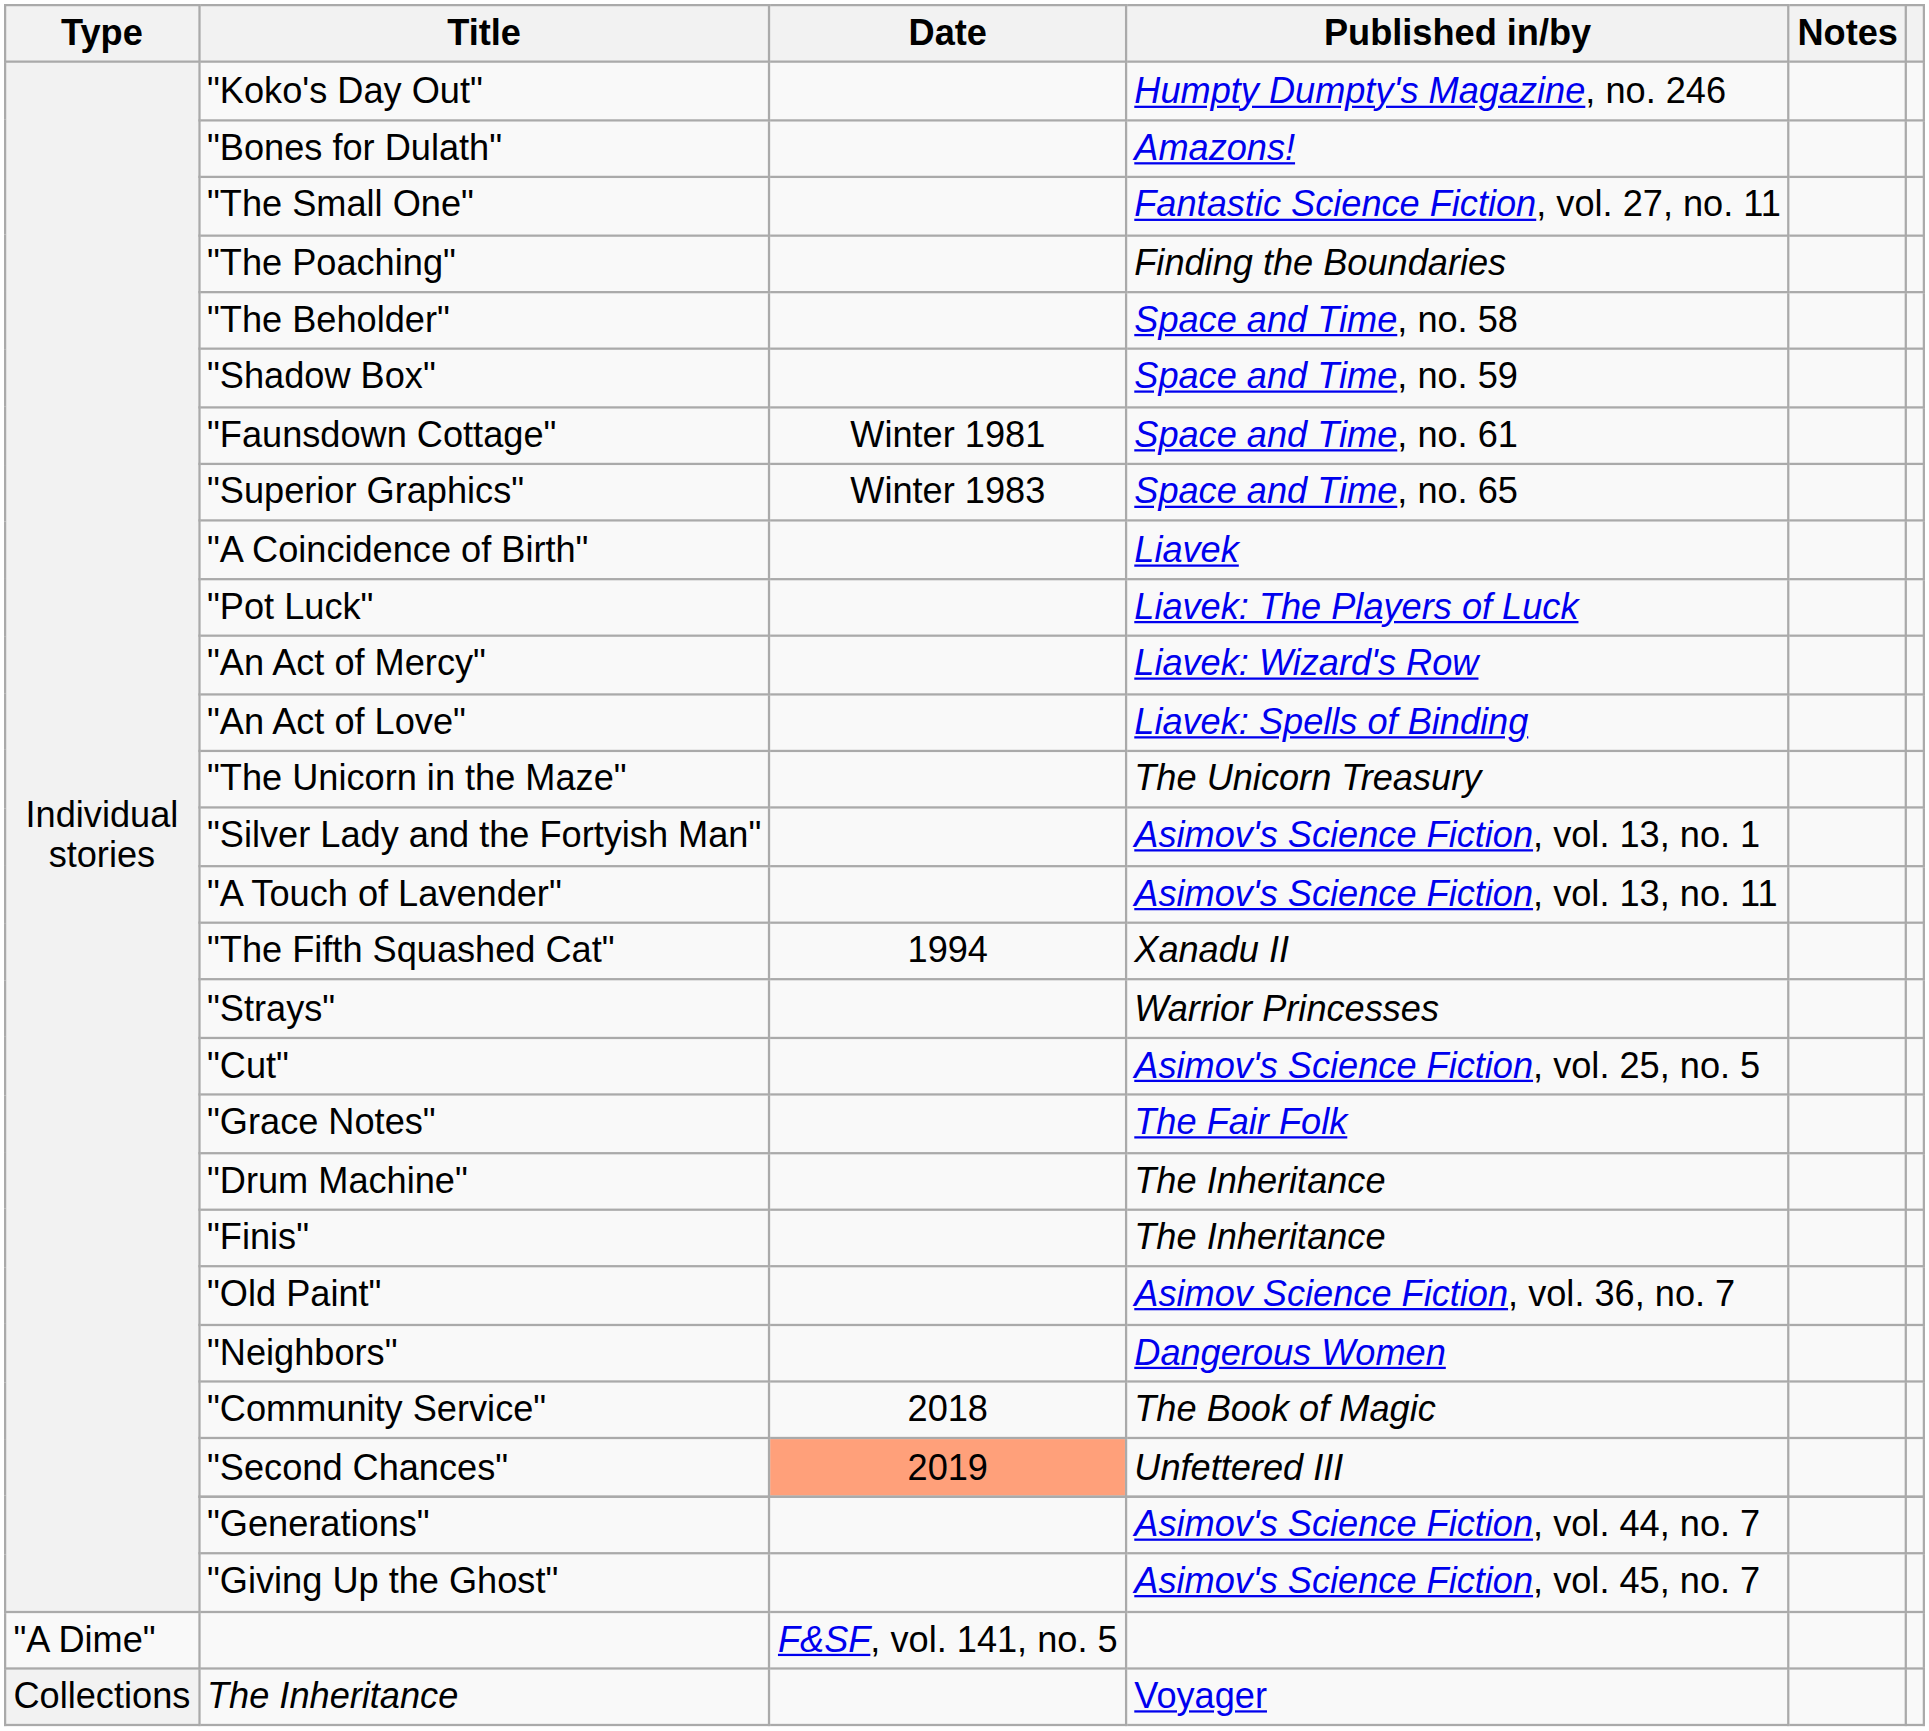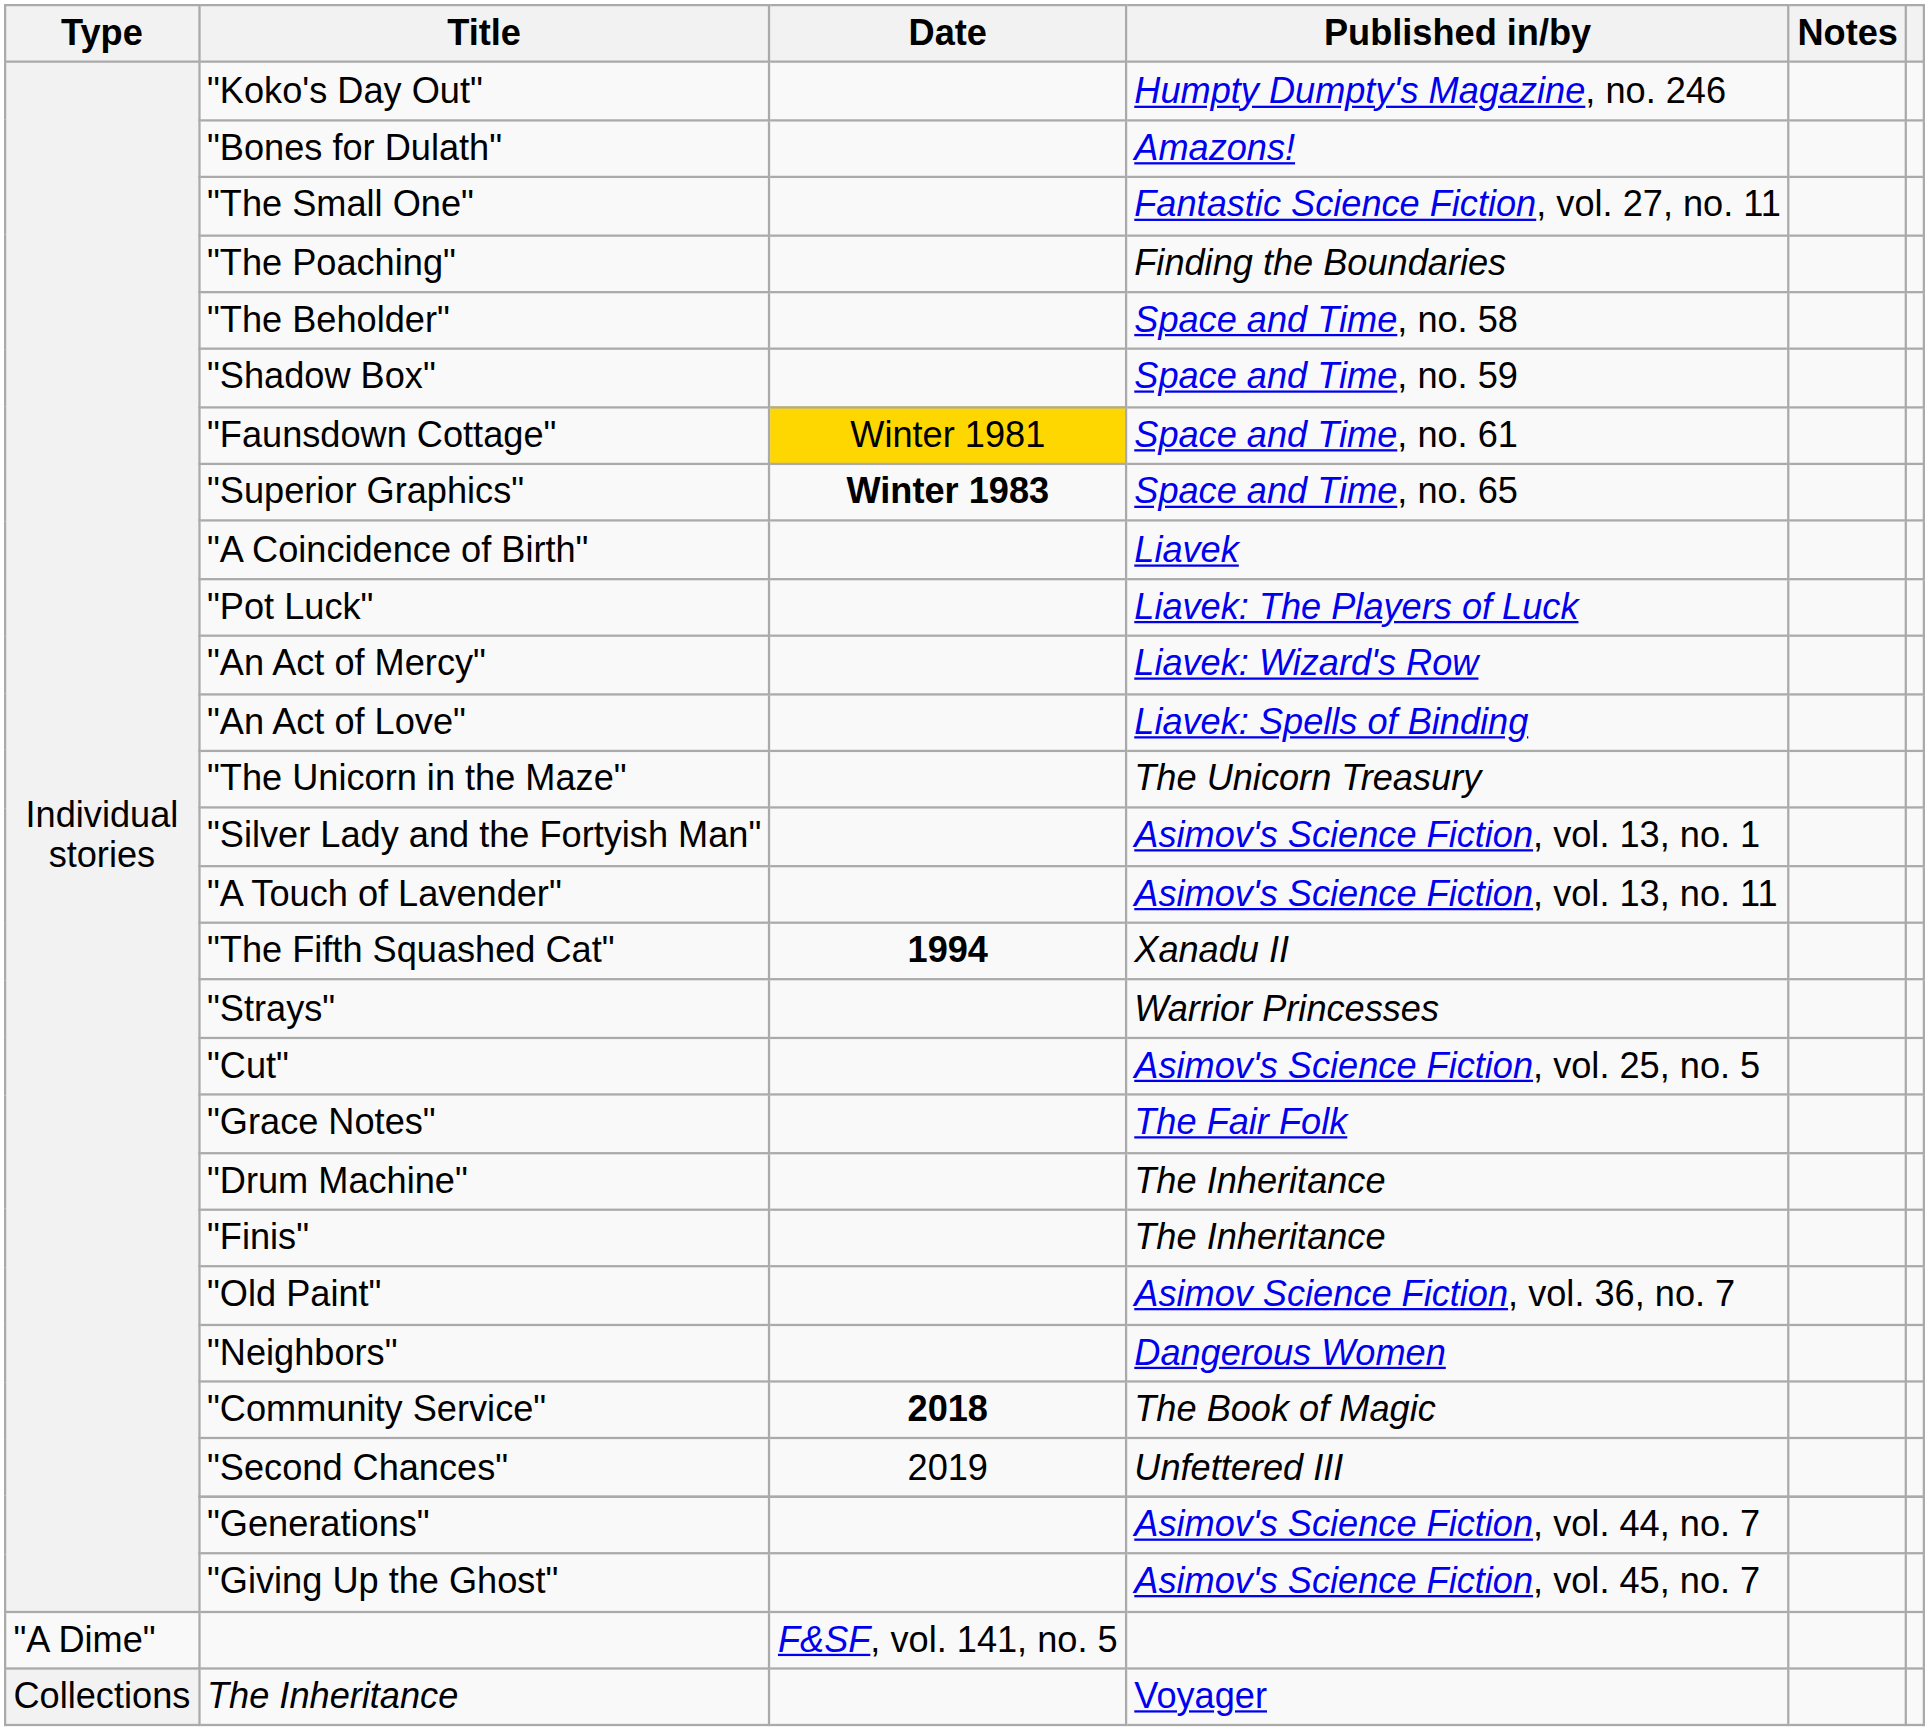 <table class="wikitable sortable">
 <tr>
 <th scope=col>Type</th>
 <th scope=col>Title</th>
 <th scope=col>Date</th>
 <th scope=col>Published in/by</th>
 <th scope=col class=unsortable>Notes</th>
 <th scope=col class=unsortable></th>
 </tr>
 <tr>
 <th scope=row rowspan=28 style="font-weight: normal">Individual<br> stories</th>
 <td data-sort-value="Koko's Day Out">"Koko's Day Out"</td>
 <td align=center></td>
 <td><em><a href='#'>Humpty Dumpty's Magazine</a></em>, no. 246</td>
 <td align=center></td>
 <td align=center></td>
 </tr>
 <tr>
 <td data-sort-value="Bones for Dulath">"Bones for Dulath"</td>
 <td align=center></td>
 <td><em><a href='#'>Amazons!</a></em></td>
 <td align=center></td>
 <td align=center></td>
 </tr>
 <tr>
 <td data-sort-value="Small One, The">"The Small One"</td>
 <td align=center></td>
 <td><em><a href='#'>Fantastic Science Fiction</a></em>, vol. 27, no. 11</td>
 <td></td>
 <td align=center></td>
 </tr>
 <tr>
 <td data-sort-value="Poaching, The">"The Poaching"</td>
 <td align=center></td>
 <td><em>Finding the Boundaries</em></td>
 <td align=center></td>
 <td align=center></td>
 </tr>
 <tr>
 <td data-sort-value="Beholder, The">"The Beholder"</td>
 <td align=center></td>
 <td><em><a href='#'>Space and Time</a></em>, no. 58</td>
 <td></td>
 <td align=center></td>
 </tr>
 <tr>
 <td data-sort-value="Shadow Box, The">"Shadow Box"</td>
 <td align=center></td>
 <td><em><a href='#'>Space and Time</a></em>, no. 59</td>
 <td></td>
 <td align=center></td>
 </tr>
 <tr>
 <td data-sort-value="Faunsdown Cottage, The">"Faunsdown Cottage"</td>
-<td align=center data-sort-type=isoDate data-sort-value="1981-12-01">Winter 1981</td>
+<td align=center data-sort-type=isoDate data-sort-value="1981-12-01" style="background: gold;">Winter 1981</td>
 <td><em><a href='#'>Space and Time</a></em>, no. 61</td>
 <td></td>
 <td align=center></td>
 </tr>
 <tr>
 <td data-sort-value="Superior Graphics, The">"Superior Graphics"</td>
-<td align=center data-sort-type=isoDate data-sort-value="1983-12-01">Winter 1983</td>
+<td align=center data-sort-type=isoDate data-sort-value="1983-12-01"><strong>Winter 1983</strong></td>
 <td><em><a href='#'>Space and Time</a></em>, no. 65</td>
 <td></td>
 <td align=center></td>
 </tr>
 <tr>
 <td data-sort-value="Coincidence of Birth, A">"A Coincidence of Birth"</td>
 <td align=center></td>
 <td><em><a href='#'>Liavek</a></em></td>
 <td align=center></td>
 <td align=center></td>
 </tr>
 <tr>
 <td data-sort-value="Pot Luck">"Pot Luck"</td>
 <td align=center></td>
 <td data-sort-value="Liavek: Players of Luck, The"><em><a href='#'>Liavek: The Players of Luck</a></em></td>
 <td align=center></td>
 <td align=center></td>
 </tr>
 <tr>
 <td data-sort-value="Act of Mercy, An">"An Act of Mercy"</td>
 <td align=center></td>
 <td><em><a href='#'>Liavek: Wizard's Row</a></em></td>
 <td align=center></td>
 <td align=center></td>
 </tr>
 <tr>
 <td data-sort-value="Act of Love, An">"An Act of Love"</td>
 <td align=center></td>
 <td><em><a href='#'>Liavek: Spells of Binding</a></em></td>
 <td align=center></td>
 <td align=center></td>
 </tr>
 <tr>
 <td data-sort-value="Unicorn in the Maze, The">"The Unicorn in the Maze"</td>
 <td align=center></td>
 <td data-sort-value="Unicorn Treasury, The"><em>The Unicorn Treasury</em></td>
 <td align=center></td>
 <td align=center></td>
 </tr>
 <tr>
 <td data-sort-value="Silver Lady and the Fortyish Man">"Silver Lady and the Fortyish Man"</td>
 <td align=center></td>
 <td><em><a href='#'>Asimov's Science Fiction</a></em>, vol. 13, no. 1</td>
 <td align=center></td>
 <td align=center></td>
 </tr>
 <tr>
 <td data-sort-value="Touch of Lavender, A">"A Touch of Lavender"</td>
 <td align=center></td>
 <td><em><a href='#'>Asimov's Science Fiction</a></em>, vol. 13, no. 11</td>
 <td align=center></td>
 <td align=center></td>
 </tr>
 <tr>
 <td data-sort-value="Fifth Squashed Cat, The">"The Fifth Squashed Cat"</td>
-<td align=center>1994</td>
+<td align=center><strong>1994</strong></td>
 <td><em>Xanadu II</em></td>
 <td align=center></td>
 <td align=center></td>
 </tr>
 <tr>
 <td data-sort-value="Strays">"Strays"</td>
 <td align=center></td>
 <td><em>Warrior Princesses</em></td>
 <td align=center></td>
 <td align=center></td>
 </tr>
 <tr>
 <td data-sort-value="Cut">"Cut"</td>
 <td align=center></td>
 <td><em><a href='#'>Asimov's Science Fiction</a></em>, vol. 25, no. 5</td>
 <td align=center></td>
 <td align=center></td>
 </tr>
 <tr>
 <td data-sort-value="Grace Notes">"Grace Notes"</td>
 <td align=center></td>
 <td data-sort-value="Fair Folk, The"><em><a href='#'>The Fair Folk</a></em></td>
 <td align=center></td>
 <td align=center></td>
 </tr>
 <tr>
 <td data-sort-value="Drum Machine">"Drum Machine"</td>
 <td align=center></td>
 <td data-sort-value="Inheritance, The"><em>The Inheritance</em></td>
 <td align=center></td>
 <td align=center></td>
 </tr>
 <tr>
 <td data-sort-value="Finis">"Finis"</td>
 <td align=center></td>
 <td data-sort-value="Inheritance, The"><em>The Inheritance</em></td>
 <td align=center></td>
 <td align=center></td>
 </tr>
 <tr>
 <td data-sort-value="Old Paint">"Old Paint"</td>
 <td align=center></td>
 <td><em><a href='#'>Asimov Science Fiction</a></em>, vol. 36, no. 7</td>
 <td></td>
 <td align=center></td>
 </tr>
 <tr>
 <td data-sort-value="Neighbors">"Neighbors"</td>
 <td align=center></td>
 <td><em><a href='#'>Dangerous Women</a></em></td>
 <td align=center></td>
 <td align=center></td>
 </tr>
 <tr>
 <td data-sort-value="Community Service">"Community Service"</td>
-<td align=center>2018</td>
+<td align=center><strong>2018</strong></td>
 <td data-sort-value="Book of Magic, The"><em>The Book of Magic</em></td>
 <td align=center></td>
 <td align=center></td>
 </tr>
 <tr>
 <td data-sort-value="Second Chances">"Second Chances"</td>
-<td align=center style="background: lightsalmon;">2019</td>
+<td align=center>2019</td>
 <td><em>Unfettered III</em></td>
 <td align=center></td>
 <td align=center></td>
 </tr>
 <tr>
 </tr>
 <tr>
 <td data-sort-value="Generations">"Generations"</td>
 <td align=center></td>
 <td><em><a href='#'>Asimov's Science Fiction</a></em>, vol. 44, no. 7</td>
 <td></td>
 <td align=center></td>
 </tr>
 <tr>
 <td data-sort-value="Giving Up the Ghost">"Giving Up the Ghost"</td>
 <td align=center></td>
 <td><em><a href='#'>Asimov's Science Fiction</a></em>, vol. 45, no. 7</td>
 <td></td>
 <td align=center></td>
 </tr>
 <tr>
 <td data-sort-value="Dime, A">"A Dime"</td>
 <td align=center></td>
 <td><em><a href='#'>F&SF</a></em>, vol. 141, no. 5</td>
 <td></td>
 <td align=center></td>
 </tr>
 <tr>
 <th scope=row style="font-weight: normal">Collections</th>
 <td data-sort-value="Inheritance, The"><em>The Inheritance</em></td>
 <td align=center></td>
 <td><a href='#'>Voyager</a></td>
 <td align=center></td>
 <td align=center></td>
 </tr>
 </table>
